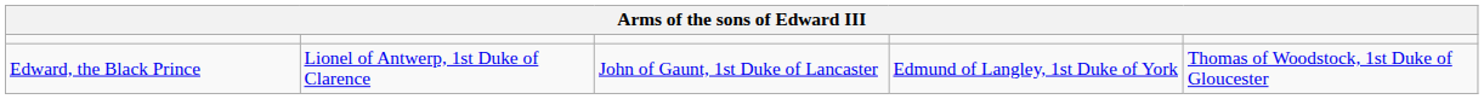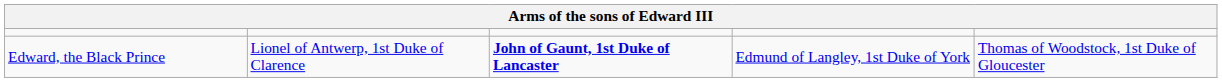 <table class="wikitable" width="100%">
 <tr>
 <th align=center colspan=5>Arms of the sons of Edward III</th>
 </tr>
 <tr>
 <td align=center width="20%"></td>
 <td align=center width="20%"></td>
 <td align=center width="20%"></td>
 <td align=center width="20%"></td>
 <td align=center width="20%"></td>
 </tr>
 <tr>
 <td><a href='#'>Edward, the Black Prince</a></td>
 <td><a href='#'>Lionel of Antwerp, 1st Duke of Clarence</a></td>
-<td><a href='#'>John of Gaunt, 1st Duke of Lancaster</a></td>
+<td><strong><a href='#'>John of Gaunt, 1st Duke of Lancaster</a></strong></td>
 <td><a href='#'>Edmund of Langley, 1st Duke of York</a></td>
 <td><a href='#'>Thomas of Woodstock, 1st Duke of Gloucester</a></td>
 </tr>
 </table>
